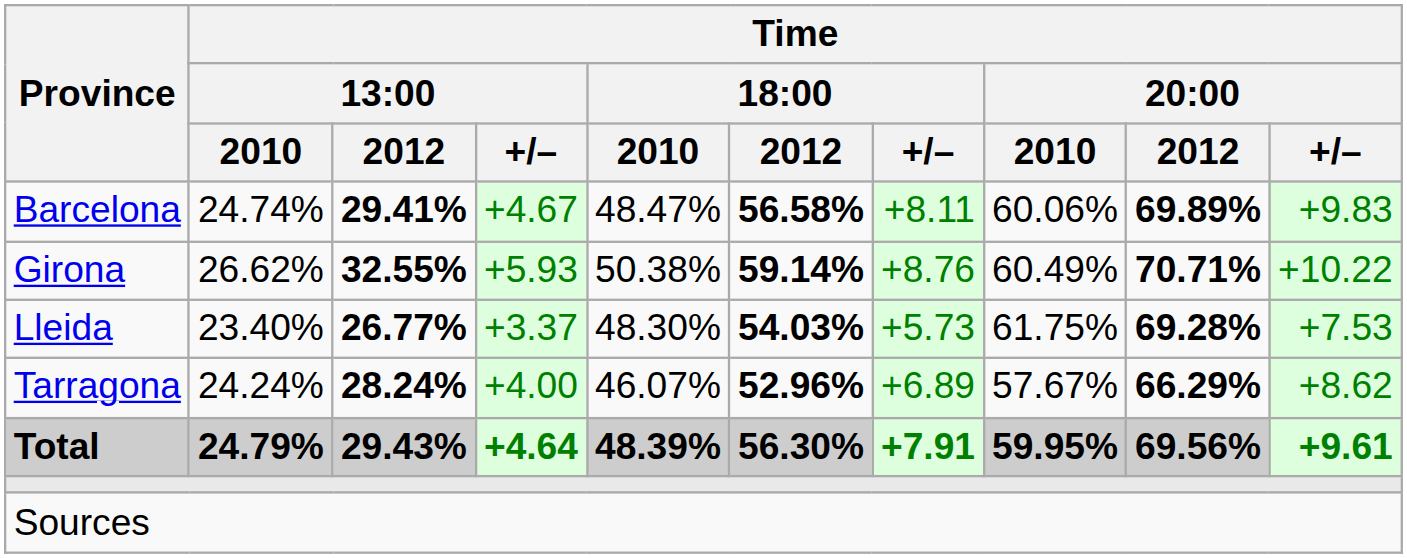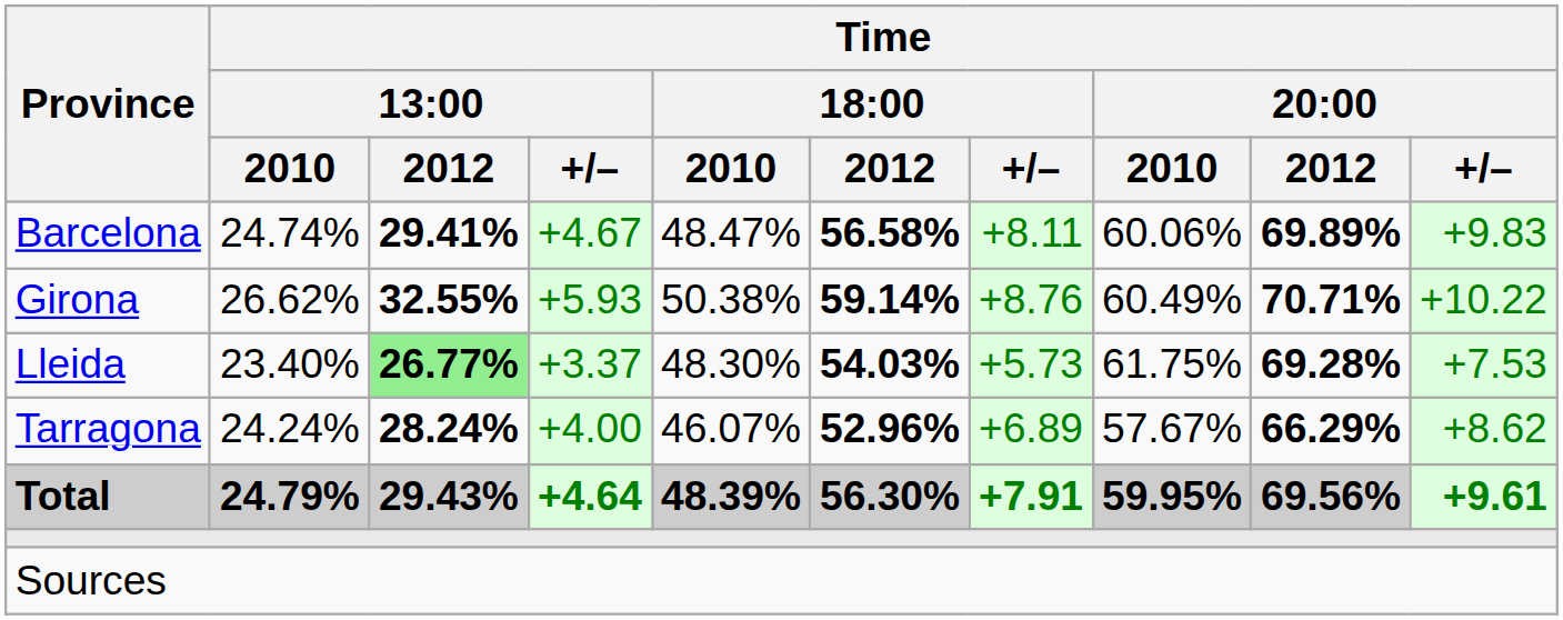 <table class="wikitable sortable" style="text-align:right;">
 <tr>
 <th rowspan="3">Province</th>
 <th colspan="9">Time</th>
 </tr>
 <tr>
 <th colspan="3">13:00</th>
 <th colspan="3">18:00</th>
 <th colspan="3">20:00</th>
 </tr>
 <tr>
 <th>2010</th>
 <th>2012</th>
 <th>+/–</th>
 <th>2010</th>
 <th>2012</th>
 <th>+/–</th>
 <th>2010</th>
 <th>2012</th>
 <th>+/–</th>
 </tr>
 <tr>
 <td align="left"><a href='#'>Barcelona</a></td>
 <td>24.74%</td>
 <td><strong>29.41%</strong></td>
 <td style="background:#DDFFDD; color:green;">+4.67</td>
 <td>48.47%</td>
 <td><strong>56.58%</strong></td>
 <td style="background:#DDFFDD; color:green;">+8.11</td>
 <td>60.06%</td>
 <td><strong>69.89%</strong></td>
 <td style="background:#DDFFDD; color:green;">+9.83</td>
 </tr>
 <tr>
 <td align="left"><a href='#'>Girona</a></td>
 <td>26.62%</td>
 <td><strong>32.55%</strong></td>
 <td style="background:#DDFFDD; color:green;">+5.93</td>
 <td>50.38%</td>
 <td><strong>59.14%</strong></td>
 <td style="background:#DDFFDD; color:green;">+8.76</td>
 <td>60.49%</td>
 <td><strong>70.71%</strong></td>
 <td style="background:#DDFFDD; color:green;">+10.22</td>
 </tr>
 <tr>
 <td align="left"><a href='#'>Lleida</a></td>
 <td>23.40%</td>
-<td><strong>26.77%</strong></td>
+<td style="background: lightgreen;"><strong>26.77%</strong></td>
 <td style="background:#DDFFDD; color:green;">+3.37</td>
 <td>48.30%</td>
 <td><strong>54.03%</strong></td>
 <td style="background:#DDFFDD; color:green;">+5.73</td>
 <td>61.75%</td>
 <td><strong>69.28%</strong></td>
 <td style="background:#DDFFDD; color:green;">+7.53</td>
 </tr>
 <tr>
 <td align="left"><a href='#'>Tarragona</a></td>
 <td>24.24%</td>
 <td><strong>28.24%</strong></td>
 <td style="background:#DDFFDD; color:green;">+4.00</td>
 <td>46.07%</td>
 <td><strong>52.96%</strong></td>
 <td style="background:#DDFFDD; color:green;">+6.89</td>
 <td>57.67%</td>
 <td><strong>66.29%</strong></td>
 <td style="background:#DDFFDD; color:green;">+8.62</td>
 </tr>
 <tr style="background:#CDCDCD;">
 <td align="left"><strong>Total</strong></td>
 <td><strong>24.79%</strong></td>
 <td><strong>29.43%</strong></td>
 <td style="background:#DDFFDD; color:green;"><strong>+4.64</strong></td>
 <td><strong>48.39%</strong></td>
 <td><strong>56.30%</strong></td>
 <td style="background:#DDFFDD; color:green;"><strong>+7.91</strong></td>
 <td><strong>59.95%</strong></td>
 <td><strong>69.56%</strong></td>
 <td style="background:#DDFFDD; color:green;"><strong>+9.61</strong></td>
 </tr>
 <tr>
 <td colspan="10" bgcolor="#E9E9E9"></td>
 </tr>
 <tr>
 <td align="left" colspan="10">Sources</td>
 </tr>
 </table>
